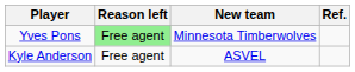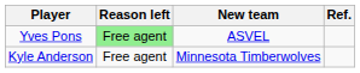 <table class="wikitable sortable sortable" style="text-align: center">
 <tr>
 <th>Player</th>
 <th>Reason left</th>
 <th>New team</th>
 <th>Ref.</th>
 </tr>
 <tr>
 <td><a href='#'>Yves Pons</a></td>
 <td style="background: lightgreen;">Free agent</td>
-<td><a href='#'>Minnesota Timberwolves</a></td>
+<td><a href='#'>ASVEL</a></td>
 <td></td>
 </tr>
 <tr>
 <td><a href='#'>Kyle Anderson</a></td>
 <td>Free agent</td>
-<td><a href='#'>ASVEL</a></td>
+<td><a href='#'>Minnesota Timberwolves</a></td>
 <td></td>
 </tr>
 </table>
